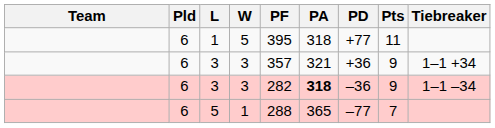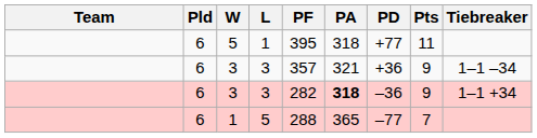 <table class="wikitable" style="text-align:center;">
 <tr>
 <th width=170>Team</th>
 <th width=25>Pld</th>
+<th width=25>W</th>
 <th width=25>L</th>
-<th width=25>W</th>
 <th width=35>PF</th>
 <th width=35>PA</th>
 <th width=35>PD</th>
 <th width=25>Pts</th>
 <th width=50>Tiebreaker</th>
 </tr>
 <tr bgcolor=>
 <td align="left"></td>
 <td>6</td>
+<td>5</td>
 <td>1</td>
-<td>5</td>
 <td>395</td>
 <td>318</td>
 <td>+77</td>
 <td>11</td>
 <td></td>
 </tr>
 <tr bgcolor=>
 <td align="left"></td>
 <td>6</td>
 <td>3</td>
 <td>3</td>
 <td>357</td>
 <td>321</td>
 <td>+36</td>
 <td>9</td>
-<td>1–1 +34</td>
+<td>1–1 –34</td>
 </tr>
 <tr bgcolor=ffcccc>
 <td align="left"></td>
 <td>6</td>
 <td>3</td>
 <td>3</td>
 <td>282</td>
 <td><strong>318</strong></td>
 <td>–36</td>
 <td>9</td>
-<td>1–1 –34</td>
+<td>1–1 +34</td>
 </tr>
 <tr bgcolor=ffcccc>
 <td align="left"></td>
 <td>6</td>
+<td>1</td>
 <td>5</td>
-<td>1</td>
 <td>288</td>
 <td>365</td>
 <td>–77</td>
 <td>7</td>
 <td></td>
 </tr>
 </table>
